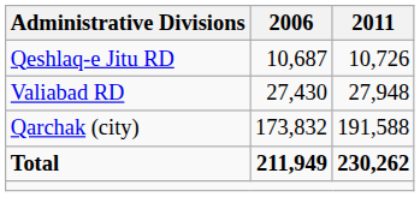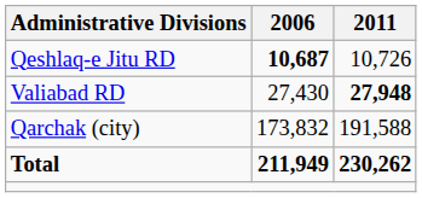 <table class="wikitable">
 <tr>
 <th>Administrative Divisions</th>
 <th>2006</th>
 <th>2011</th>
 </tr>
 <tr>
 <td><a href='#'>Qeshlaq-e Jitu RD</a></td>
-<td style="text-align: right;">10,687</td>
+<td style="text-align: right;"><strong>10,687</strong></td>
 <td style="text-align: right;">10,726</td>
 </tr>
 <tr>
 <td><a href='#'>Valiabad RD</a></td>
 <td style="text-align: right;">27,430</td>
-<td style="text-align: right;">27,948</td>
+<td style="text-align: right;"><strong>27,948</strong></td>
 </tr>
 <tr>
 <td><a href='#'>Qarchak</a> (city)</td>
 <td style="text-align: right;">173,832</td>
 <td style="text-align: right;">191,588</td>
 </tr>
 <tr>
 <td><strong>Total</strong></td>
 <td style="text-align: right;"><strong>211,949</strong></td>
 <td style="text-align: right;"><strong>230,262</strong></td>
 </tr>
 <tr>
 <td colspan=3></td>
 </tr>
 </table>
